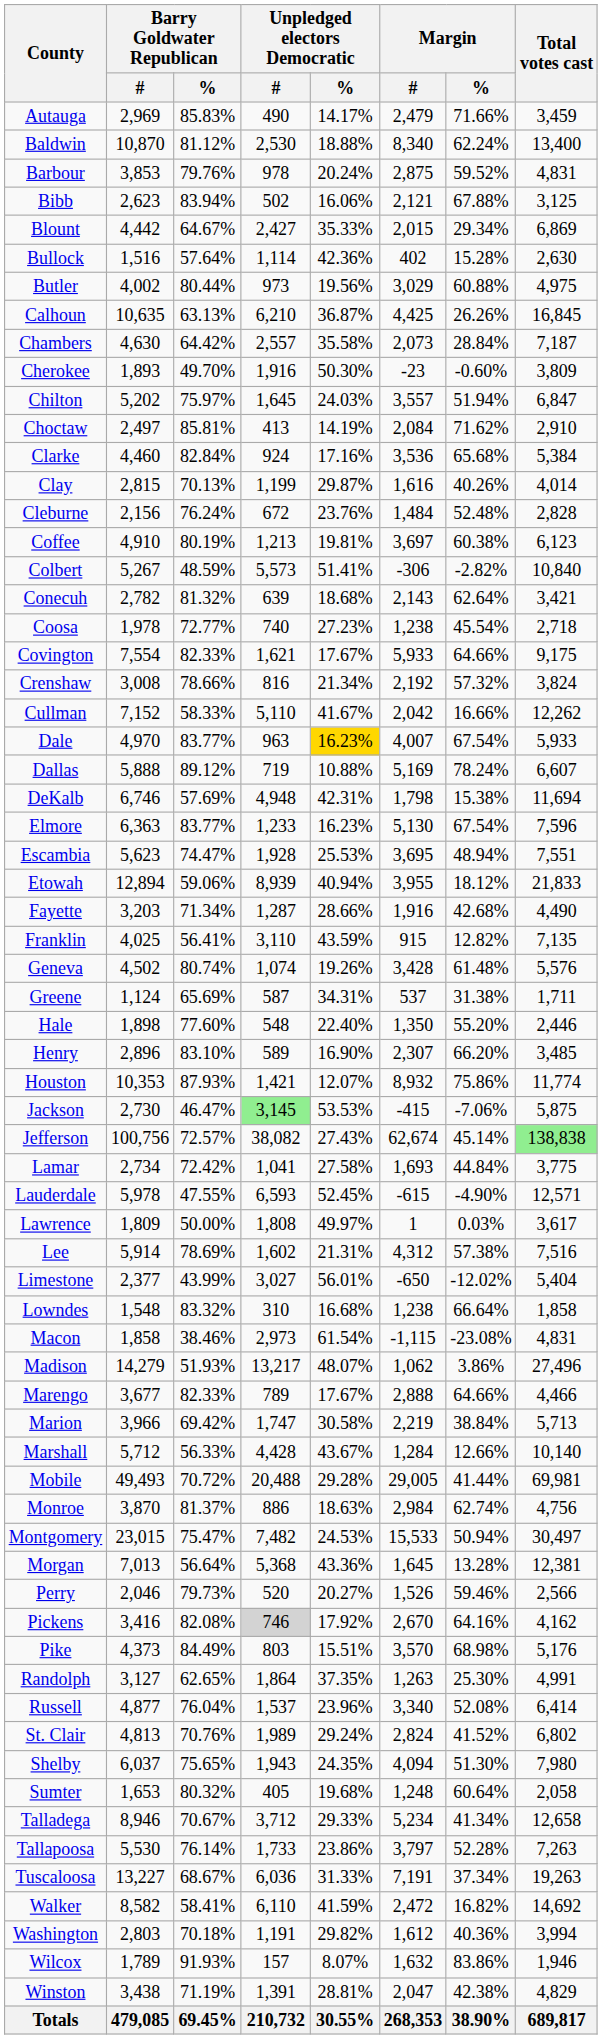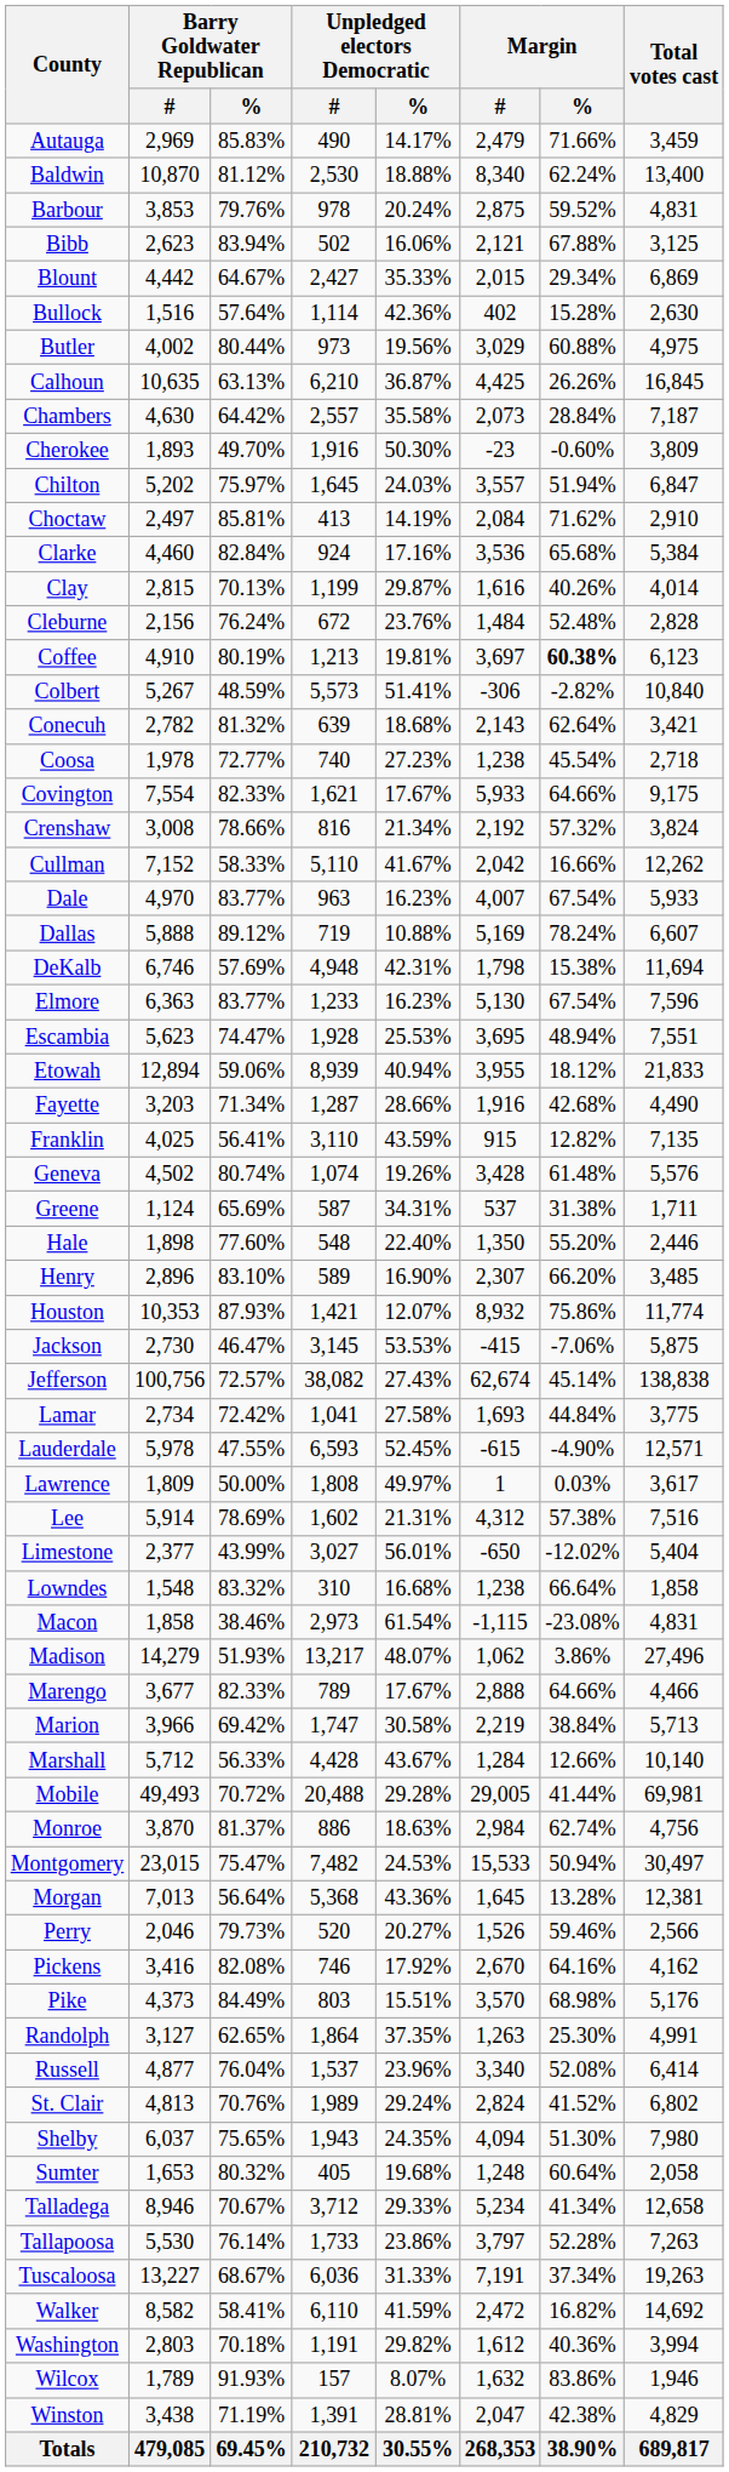 <table width="60%" class="wikitable sortable">
 <tr>
 <th rowspan="2">County</th>
 <th style="text-align:center;" colspan="2">Barry Goldwater<br>Republican</th>
 <th style="text-align:center;" colspan="2">Unpledged electors<br>Democratic</th>
 <th style="text-align:center;" colspan="2">Margin</th>
 <th rowspan="2" style="text-align:center;">Total votes cast</th>
 </tr>
 <tr>
 <th style="text-align:center;" data-sort-type="number">#</th>
 <th style="text-align:center;" data-sort-type="number">%</th>
 <th style="text-align:center;" data-sort-type="number">#</th>
 <th style="text-align:center;" data-sort-type="number">%</th>
 <th style="text-align:center;" data-sort-type="number">#</th>
 <th style="text-align:center;" data-sort-type="number">%</th>
 </tr>
 <tr style="text-align:center;">
 <td><a href='#'>Autauga</a></td>
 <td>2,969</td>
 <td>85.83%</td>
 <td>490</td>
 <td>14.17%</td>
 <td>2,479</td>
 <td>71.66%</td>
 <td>3,459</td>
 </tr>
 <tr style="text-align:center;">
 <td><a href='#'>Baldwin</a></td>
 <td>10,870</td>
 <td>81.12%</td>
 <td>2,530</td>
 <td>18.88%</td>
 <td>8,340</td>
 <td>62.24%</td>
 <td>13,400</td>
 </tr>
 <tr style="text-align:center;">
 <td><a href='#'>Barbour</a></td>
 <td>3,853</td>
 <td>79.76%</td>
 <td>978</td>
 <td>20.24%</td>
 <td>2,875</td>
 <td>59.52%</td>
 <td>4,831</td>
 </tr>
 <tr style="text-align:center;">
 <td><a href='#'>Bibb</a></td>
 <td>2,623</td>
 <td>83.94%</td>
 <td>502</td>
 <td>16.06%</td>
 <td>2,121</td>
 <td>67.88%</td>
 <td>3,125</td>
 </tr>
 <tr style="text-align:center;">
 <td><a href='#'>Blount</a></td>
 <td>4,442</td>
 <td>64.67%</td>
 <td>2,427</td>
 <td>35.33%</td>
 <td>2,015</td>
 <td>29.34%</td>
 <td>6,869</td>
 </tr>
 <tr style="text-align:center;">
 <td><a href='#'>Bullock</a></td>
 <td>1,516</td>
 <td>57.64%</td>
 <td>1,114</td>
 <td>42.36%</td>
 <td>402</td>
 <td>15.28%</td>
 <td>2,630</td>
 </tr>
 <tr style="text-align:center;">
 <td><a href='#'>Butler</a></td>
 <td>4,002</td>
 <td>80.44%</td>
 <td>973</td>
 <td>19.56%</td>
 <td>3,029</td>
 <td>60.88%</td>
 <td>4,975</td>
 </tr>
 <tr style="text-align:center;">
 <td><a href='#'>Calhoun</a></td>
 <td>10,635</td>
 <td>63.13%</td>
 <td>6,210</td>
 <td>36.87%</td>
 <td>4,425</td>
 <td>26.26%</td>
 <td>16,845</td>
 </tr>
 <tr style="text-align:center;">
 <td><a href='#'>Chambers</a></td>
 <td>4,630</td>
 <td>64.42%</td>
 <td>2,557</td>
 <td>35.58%</td>
 <td>2,073</td>
 <td>28.84%</td>
 <td>7,187</td>
 </tr>
 <tr style="text-align:center;">
 <td><a href='#'>Cherokee</a></td>
 <td>1,893</td>
 <td>49.70%</td>
 <td>1,916</td>
 <td>50.30%</td>
 <td>-23</td>
 <td>-0.60%</td>
 <td>3,809</td>
 </tr>
 <tr style="text-align:center;">
 <td><a href='#'>Chilton</a></td>
 <td>5,202</td>
 <td>75.97%</td>
 <td>1,645</td>
 <td>24.03%</td>
 <td>3,557</td>
 <td>51.94%</td>
 <td>6,847</td>
 </tr>
 <tr style="text-align:center;">
 <td><a href='#'>Choctaw</a></td>
 <td>2,497</td>
 <td>85.81%</td>
 <td>413</td>
 <td>14.19%</td>
 <td>2,084</td>
 <td>71.62%</td>
 <td>2,910</td>
 </tr>
 <tr style="text-align:center;">
 <td><a href='#'>Clarke</a></td>
 <td>4,460</td>
 <td>82.84%</td>
 <td>924</td>
 <td>17.16%</td>
 <td>3,536</td>
 <td>65.68%</td>
 <td>5,384</td>
 </tr>
 <tr style="text-align:center;">
 <td><a href='#'>Clay</a></td>
 <td>2,815</td>
 <td>70.13%</td>
 <td>1,199</td>
 <td>29.87%</td>
 <td>1,616</td>
 <td>40.26%</td>
 <td>4,014</td>
 </tr>
 <tr style="text-align:center;">
 <td><a href='#'>Cleburne</a></td>
 <td>2,156</td>
 <td>76.24%</td>
 <td>672</td>
 <td>23.76%</td>
 <td>1,484</td>
 <td>52.48%</td>
 <td>2,828</td>
 </tr>
 <tr style="text-align:center;">
 <td><a href='#'>Coffee</a></td>
 <td>4,910</td>
 <td>80.19%</td>
 <td>1,213</td>
 <td>19.81%</td>
 <td>3,697</td>
-<td>60.38%</td>
+<td><strong>60.38%</strong></td>
 <td>6,123</td>
 </tr>
 <tr style="text-align:center;">
 <td><a href='#'>Colbert</a></td>
 <td>5,267</td>
 <td>48.59%</td>
 <td>5,573</td>
 <td>51.41%</td>
 <td>-306</td>
 <td>-2.82%</td>
 <td>10,840</td>
 </tr>
 <tr style="text-align:center;">
 <td><a href='#'>Conecuh</a></td>
 <td>2,782</td>
 <td>81.32%</td>
 <td>639</td>
 <td>18.68%</td>
 <td>2,143</td>
 <td>62.64%</td>
 <td>3,421</td>
 </tr>
 <tr style="text-align:center;">
 <td><a href='#'>Coosa</a></td>
 <td>1,978</td>
 <td>72.77%</td>
 <td>740</td>
 <td>27.23%</td>
 <td>1,238</td>
 <td>45.54%</td>
 <td>2,718</td>
 </tr>
 <tr style="text-align:center;">
 <td><a href='#'>Covington</a></td>
 <td>7,554</td>
 <td>82.33%</td>
 <td>1,621</td>
 <td>17.67%</td>
 <td>5,933</td>
 <td>64.66%</td>
 <td>9,175</td>
 </tr>
 <tr style="text-align:center;">
 <td><a href='#'>Crenshaw</a></td>
 <td>3,008</td>
 <td>78.66%</td>
 <td>816</td>
 <td>21.34%</td>
 <td>2,192</td>
 <td>57.32%</td>
 <td>3,824</td>
 </tr>
 <tr style="text-align:center;">
 <td><a href='#'>Cullman</a></td>
 <td>7,152</td>
 <td>58.33%</td>
 <td>5,110</td>
 <td>41.67%</td>
 <td>2,042</td>
 <td>16.66%</td>
 <td>12,262</td>
 </tr>
 <tr style="text-align:center;">
 <td><a href='#'>Dale</a></td>
 <td>4,970</td>
 <td>83.77%</td>
 <td>963</td>
-<td style="background: gold;">16.23%</td>
+<td>16.23%</td>
 <td>4,007</td>
 <td>67.54%</td>
 <td>5,933</td>
 </tr>
 <tr style="text-align:center;">
 <td><a href='#'>Dallas</a></td>
 <td>5,888</td>
 <td>89.12%</td>
 <td>719</td>
 <td>10.88%</td>
 <td>5,169</td>
 <td>78.24%</td>
 <td>6,607</td>
 </tr>
 <tr style="text-align:center;">
 <td><a href='#'>DeKalb</a></td>
 <td>6,746</td>
 <td>57.69%</td>
 <td>4,948</td>
 <td>42.31%</td>
 <td>1,798</td>
 <td>15.38%</td>
 <td>11,694</td>
 </tr>
 <tr style="text-align:center;">
 <td><a href='#'>Elmore</a></td>
 <td>6,363</td>
 <td>83.77%</td>
 <td>1,233</td>
 <td>16.23%</td>
 <td>5,130</td>
 <td>67.54%</td>
 <td>7,596</td>
 </tr>
 <tr style="text-align:center;">
 <td><a href='#'>Escambia</a></td>
 <td>5,623</td>
 <td>74.47%</td>
 <td>1,928</td>
 <td>25.53%</td>
 <td>3,695</td>
 <td>48.94%</td>
 <td>7,551</td>
 </tr>
 <tr style="text-align:center;">
 <td><a href='#'>Etowah</a></td>
 <td>12,894</td>
 <td>59.06%</td>
 <td>8,939</td>
 <td>40.94%</td>
 <td>3,955</td>
 <td>18.12%</td>
 <td>21,833</td>
 </tr>
 <tr style="text-align:center;">
 <td><a href='#'>Fayette</a></td>
 <td>3,203</td>
 <td>71.34%</td>
 <td>1,287</td>
 <td>28.66%</td>
 <td>1,916</td>
 <td>42.68%</td>
 <td>4,490</td>
 </tr>
 <tr style="text-align:center;">
 <td><a href='#'>Franklin</a></td>
 <td>4,025</td>
 <td>56.41%</td>
 <td>3,110</td>
 <td>43.59%</td>
 <td>915</td>
 <td>12.82%</td>
 <td>7,135</td>
 </tr>
 <tr style="text-align:center;">
 <td><a href='#'>Geneva</a></td>
 <td>4,502</td>
 <td>80.74%</td>
 <td>1,074</td>
 <td>19.26%</td>
 <td>3,428</td>
 <td>61.48%</td>
 <td>5,576</td>
 </tr>
 <tr style="text-align:center;">
 <td><a href='#'>Greene</a></td>
 <td>1,124</td>
 <td>65.69%</td>
 <td>587</td>
 <td>34.31%</td>
 <td>537</td>
 <td>31.38%</td>
 <td>1,711</td>
 </tr>
 <tr style="text-align:center;">
 <td><a href='#'>Hale</a></td>
 <td>1,898</td>
 <td>77.60%</td>
 <td>548</td>
 <td>22.40%</td>
 <td>1,350</td>
 <td>55.20%</td>
 <td>2,446</td>
 </tr>
 <tr style="text-align:center;">
 <td><a href='#'>Henry</a></td>
 <td>2,896</td>
 <td>83.10%</td>
 <td>589</td>
 <td>16.90%</td>
 <td>2,307</td>
 <td>66.20%</td>
 <td>3,485</td>
 </tr>
 <tr style="text-align:center;">
 <td><a href='#'>Houston</a></td>
 <td>10,353</td>
 <td>87.93%</td>
 <td>1,421</td>
 <td>12.07%</td>
 <td>8,932</td>
 <td>75.86%</td>
 <td>11,774</td>
 </tr>
 <tr style="text-align:center;">
 <td><a href='#'>Jackson</a></td>
 <td>2,730</td>
 <td>46.47%</td>
-<td style="background: lightgreen;">3,145</td>
+<td>3,145</td>
 <td>53.53%</td>
 <td>-415</td>
 <td>-7.06%</td>
 <td>5,875</td>
 </tr>
 <tr style="text-align:center;">
 <td><a href='#'>Jefferson</a></td>
 <td>100,756</td>
 <td>72.57%</td>
 <td>38,082</td>
 <td>27.43%</td>
 <td>62,674</td>
 <td>45.14%</td>
-<td style="background: lightgreen;">138,838</td>
+<td>138,838</td>
 </tr>
 <tr style="text-align:center;">
 <td><a href='#'>Lamar</a></td>
 <td>2,734</td>
 <td>72.42%</td>
 <td>1,041</td>
 <td>27.58%</td>
 <td>1,693</td>
 <td>44.84%</td>
 <td>3,775</td>
 </tr>
 <tr style="text-align:center;">
 <td><a href='#'>Lauderdale</a></td>
 <td>5,978</td>
 <td>47.55%</td>
 <td>6,593</td>
 <td>52.45%</td>
 <td>-615</td>
 <td>-4.90%</td>
 <td>12,571</td>
 </tr>
 <tr style="text-align:center;">
 <td><a href='#'>Lawrence</a></td>
 <td>1,809</td>
 <td>50.00%</td>
 <td>1,808</td>
 <td>49.97%</td>
 <td>1</td>
 <td>0.03%</td>
 <td>3,617</td>
 </tr>
 <tr style="text-align:center;">
 <td><a href='#'>Lee</a></td>
 <td>5,914</td>
 <td>78.69%</td>
 <td>1,602</td>
 <td>21.31%</td>
 <td>4,312</td>
 <td>57.38%</td>
 <td>7,516</td>
 </tr>
 <tr style="text-align:center;">
 <td><a href='#'>Limestone</a></td>
 <td>2,377</td>
 <td>43.99%</td>
 <td>3,027</td>
 <td>56.01%</td>
 <td>-650</td>
 <td>-12.02%</td>
 <td>5,404</td>
 </tr>
 <tr style="text-align:center;">
 <td><a href='#'>Lowndes</a></td>
 <td>1,548</td>
 <td>83.32%</td>
 <td>310</td>
 <td>16.68%</td>
 <td>1,238</td>
 <td>66.64%</td>
 <td>1,858</td>
 </tr>
 <tr style="text-align:center;">
 <td><a href='#'>Macon</a></td>
 <td>1,858</td>
 <td>38.46%</td>
 <td>2,973</td>
 <td>61.54%</td>
 <td>-1,115</td>
 <td>-23.08%</td>
 <td>4,831</td>
 </tr>
 <tr style="text-align:center;">
 <td><a href='#'>Madison</a></td>
 <td>14,279</td>
 <td>51.93%</td>
 <td>13,217</td>
 <td>48.07%</td>
 <td>1,062</td>
 <td>3.86%</td>
 <td>27,496</td>
 </tr>
 <tr style="text-align:center;">
 <td><a href='#'>Marengo</a></td>
 <td>3,677</td>
 <td>82.33%</td>
 <td>789</td>
 <td>17.67%</td>
 <td>2,888</td>
 <td>64.66%</td>
 <td>4,466</td>
 </tr>
 <tr style="text-align:center;">
 <td><a href='#'>Marion</a></td>
 <td>3,966</td>
 <td>69.42%</td>
 <td>1,747</td>
 <td>30.58%</td>
 <td>2,219</td>
 <td>38.84%</td>
 <td>5,713</td>
 </tr>
 <tr style="text-align:center;">
 <td><a href='#'>Marshall</a></td>
 <td>5,712</td>
 <td>56.33%</td>
 <td>4,428</td>
 <td>43.67%</td>
 <td>1,284</td>
 <td>12.66%</td>
 <td>10,140</td>
 </tr>
 <tr style="text-align:center;">
 <td><a href='#'>Mobile</a></td>
 <td>49,493</td>
 <td>70.72%</td>
 <td>20,488</td>
 <td>29.28%</td>
 <td>29,005</td>
 <td>41.44%</td>
 <td>69,981</td>
 </tr>
 <tr style="text-align:center;">
 <td><a href='#'>Monroe</a></td>
 <td>3,870</td>
 <td>81.37%</td>
 <td>886</td>
 <td>18.63%</td>
 <td>2,984</td>
 <td>62.74%</td>
 <td>4,756</td>
 </tr>
 <tr style="text-align:center;">
 <td><a href='#'>Montgomery</a></td>
 <td>23,015</td>
 <td>75.47%</td>
 <td>7,482</td>
 <td>24.53%</td>
 <td>15,533</td>
 <td>50.94%</td>
 <td>30,497</td>
 </tr>
 <tr style="text-align:center;">
 <td><a href='#'>Morgan</a></td>
 <td>7,013</td>
 <td>56.64%</td>
 <td>5,368</td>
 <td>43.36%</td>
 <td>1,645</td>
 <td>13.28%</td>
 <td>12,381</td>
 </tr>
 <tr style="text-align:center;">
 <td><a href='#'>Perry</a></td>
 <td>2,046</td>
 <td>79.73%</td>
 <td>520</td>
 <td>20.27%</td>
 <td>1,526</td>
 <td>59.46%</td>
 <td>2,566</td>
 </tr>
 <tr style="text-align:center;">
 <td><a href='#'>Pickens</a></td>
 <td>3,416</td>
 <td>82.08%</td>
-<td style="background: lightgrey;">746</td>
+<td>746</td>
 <td>17.92%</td>
 <td>2,670</td>
 <td>64.16%</td>
 <td>4,162</td>
 </tr>
 <tr style="text-align:center;">
 <td><a href='#'>Pike</a></td>
 <td>4,373</td>
 <td>84.49%</td>
 <td>803</td>
 <td>15.51%</td>
 <td>3,570</td>
 <td>68.98%</td>
 <td>5,176</td>
 </tr>
 <tr style="text-align:center;">
 <td><a href='#'>Randolph</a></td>
 <td>3,127</td>
 <td>62.65%</td>
 <td>1,864</td>
 <td>37.35%</td>
 <td>1,263</td>
 <td>25.30%</td>
 <td>4,991</td>
 </tr>
 <tr style="text-align:center;">
 <td><a href='#'>Russell</a></td>
 <td>4,877</td>
 <td>76.04%</td>
 <td>1,537</td>
 <td>23.96%</td>
 <td>3,340</td>
 <td>52.08%</td>
 <td>6,414</td>
 </tr>
 <tr style="text-align:center;">
 <td><a href='#'>St. Clair</a></td>
 <td>4,813</td>
 <td>70.76%</td>
 <td>1,989</td>
 <td>29.24%</td>
 <td>2,824</td>
 <td>41.52%</td>
 <td>6,802</td>
 </tr>
 <tr style="text-align:center;">
 <td><a href='#'>Shelby</a></td>
 <td>6,037</td>
 <td>75.65%</td>
 <td>1,943</td>
 <td>24.35%</td>
 <td>4,094</td>
 <td>51.30%</td>
 <td>7,980</td>
 </tr>
 <tr style="text-align:center;">
 <td><a href='#'>Sumter</a></td>
 <td>1,653</td>
 <td>80.32%</td>
 <td>405</td>
 <td>19.68%</td>
 <td>1,248</td>
 <td>60.64%</td>
 <td>2,058</td>
 </tr>
 <tr style="text-align:center;">
 <td><a href='#'>Talladega</a></td>
 <td>8,946</td>
 <td>70.67%</td>
 <td>3,712</td>
 <td>29.33%</td>
 <td>5,234</td>
 <td>41.34%</td>
 <td>12,658</td>
 </tr>
 <tr style="text-align:center;">
 <td><a href='#'>Tallapoosa</a></td>
 <td>5,530</td>
 <td>76.14%</td>
 <td>1,733</td>
 <td>23.86%</td>
 <td>3,797</td>
 <td>52.28%</td>
 <td>7,263</td>
 </tr>
 <tr style="text-align:center;">
 <td><a href='#'>Tuscaloosa</a></td>
 <td>13,227</td>
 <td>68.67%</td>
 <td>6,036</td>
 <td>31.33%</td>
 <td>7,191</td>
 <td>37.34%</td>
 <td>19,263</td>
 </tr>
 <tr style="text-align:center;">
 <td><a href='#'>Walker</a></td>
 <td>8,582</td>
 <td>58.41%</td>
 <td>6,110</td>
 <td>41.59%</td>
 <td>2,472</td>
 <td>16.82%</td>
 <td>14,692</td>
 </tr>
 <tr style="text-align:center;">
 <td><a href='#'>Washington</a></td>
 <td>2,803</td>
 <td>70.18%</td>
 <td>1,191</td>
 <td>29.82%</td>
 <td>1,612</td>
 <td>40.36%</td>
 <td>3,994</td>
 </tr>
 <tr style="text-align:center;">
 <td><a href='#'>Wilcox</a></td>
 <td>1,789</td>
 <td>91.93%</td>
 <td>157</td>
 <td>8.07%</td>
 <td>1,632</td>
 <td>83.86%</td>
 <td>1,946</td>
 </tr>
 <tr style="text-align:center;">
 <td><a href='#'>Winston</a></td>
 <td>3,438</td>
 <td>71.19%</td>
 <td>1,391</td>
 <td>28.81%</td>
 <td>2,047</td>
 <td>42.38%</td>
 <td>4,829</td>
 </tr>
 <tr style="text-align:center;">
 <th>Totals</th>
 <th>479,085</th>
 <th>69.45%</th>
 <th>210,732</th>
 <th>30.55%</th>
 <th>268,353</th>
 <th>38.90%</th>
 <th>689,817</th>
 </tr>
 </table>
